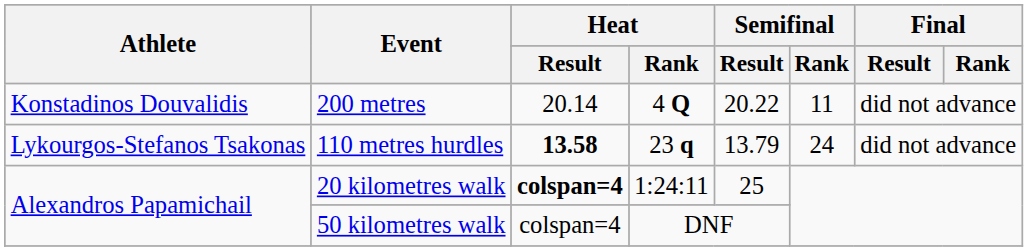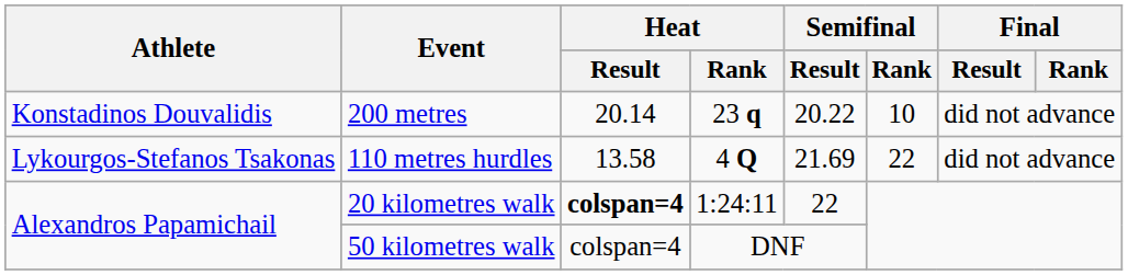 <table class="wikitable" style="font-size:90%">
 <tr>
 <th rowspan="2">Athlete</th>
 <th rowspan="2">Event</th>
 <th colspan="2">Heat</th>
 <th colspan="2">Semifinal</th>
 <th colspan="2">Final</th>
 </tr>
 <tr style="font-size:95%">
 <th>Result</th>
 <th>Rank</th>
 <th>Result</th>
 <th>Rank</th>
 <th>Result</th>
 <th>Rank</th>
 </tr>
 <tr style=text-align:center>
 <td style=text-align:left><a href='#'>Konstadinos Douvalidis</a></td>
 <td style=text-align:left><a href='#'>200 metres</a></td>
 <td>20.14</td>
-<td>4 <strong>Q</strong></td>
+<td>23 <strong>q</strong></td>
 <td>20.22</td>
-<td>11</td>
+<td>10</td>
 <td colspan="2">did not advance</td>
 </tr>
 <tr style=text-align:center>
 <td style=text-align:left><a href='#'>Lykourgos-Stefanos Tsakonas</a></td>
 <td style=text-align:left><a href='#'>110 metres hurdles</a></td>
-<td><strong>13.58</strong></td>
-<td>23 <strong>q</strong></td>
-<td>13.79</td>
-<td>24</td>
+<td>13.58</td>
+<td>4 <strong>Q</strong></td>
+<td>21.69</td>
+<td>22</td>
 <td colspan="2">did not advance</td>
 </tr>
 <tr style=text-align:center>
 <td style=text-align:left rowspan=2><a href='#'>Alexandros Papamichail</a></td>
 <td style=text-align:left><a href='#'>20 kilometres walk</a></td>
 <td><strong>colspan=4 </strong></td>
 <td>1:24:11</td>
-<td>25</td>
+<td>22</td>
 </tr>
 <tr style=text-align:center>
 <td style=text-align:left><a href='#'>50 kilometres walk</a></td>
 <td>colspan=4 </td>
 <td colspan="2">DNF</td>
 </tr>
 </table>
